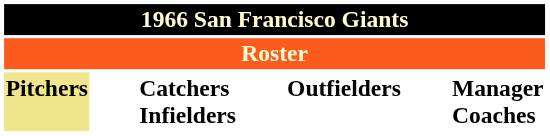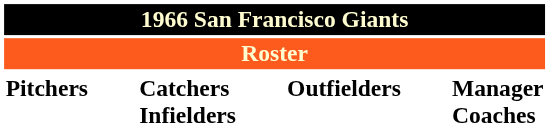 <table class="toccolours" style="font-size: 95%;">
 <tr>
 <th colspan="10" style="background-color: black; color: #FFFDD0; text-align: center;">1966 San Francisco Giants</th>
 </tr>
 <tr>
 <td colspan="10" style="background-color: #fd5a1e; color: #FFFDD0; text-align: center;"><strong>Roster</strong></td>
 </tr>
 <tr>
-<td valign="top" style="background: khaki;"><strong>Pitchers</strong><br>             </td>
+<td valign="top"><strong>Pitchers</strong><br>             </td>
 <td width="25px"></td>
 <td valign="top"><strong>Catchers</strong><br>   <strong>Infielders</strong>          </td>
 <td width="25px"></td>
 <td valign="top"><strong>Outfielders</strong><br>        </td>
 <td width="25px"></td>
 <td valign="top"><strong>Manager</strong><br> <strong>Coaches</strong>    </td>
 </tr>
 <tr>
 </tr>
 </table>
